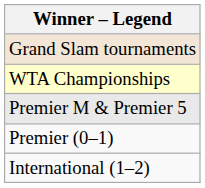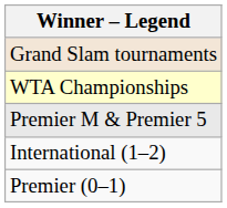 <table class="wikitable mw-collapsible mw-collapsed">
 <tr>
 <th>Winner – Legend</th>
 </tr>
 <tr>
 <td bgcolor=#f3e6d7>Grand Slam tournaments</td>
 </tr>
 <tr>
 <td bgcolor=#ffffcc>WTA Championships</td>
 </tr>
 <tr>
 <td bgcolor=#e9e9e9>Premier M & Premier 5</td>
 </tr>
 <tr>
+<td>International (1–2)</td>
+</tr>
+<tr>
 <td>Premier (0–1)</td>
 </tr>
-<tr>
-<td>International (1–2)</td>
-</tr>
 </table>
